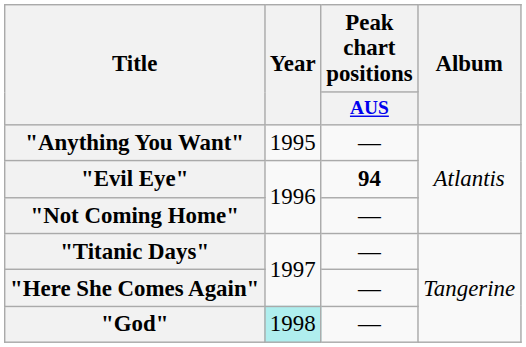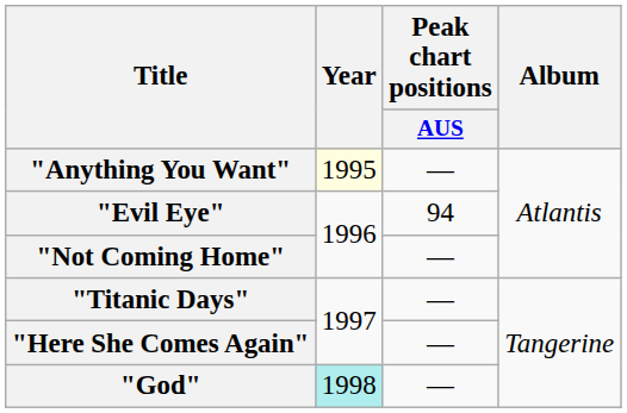 <table class="wikitable plainrowheaders" style="text-align:center">
 <tr>
 <th scope="col" rowspan="2">Title</th>
 <th scope="col" rowspan="2">Year</th>
 <th scope="col" colspan="1">Peak chart positions</th>
 <th scope="col" rowspan="2">Album</th>
 </tr>
 <tr>
 <th scope="col" style="width:3em; font-size:85%"><a href='#'>AUS</a><br></th>
 </tr>
 <tr>
 <th scope="row">"Anything You Want"</th>
-<td>1995</td>
+<td style="background: lightyellow;">1995</td>
 <td>—</td>
 <td rowspan="3"><em>Atlantis</em></td>
 </tr>
 <tr>
 <th scope="row">"Evil Eye"</th>
 <td rowspan="2">1996</td>
-<td><strong>94</strong></td>
+<td>94</td>
 </tr>
 <tr>
 <th scope="row">"Not Coming Home"</th>
 <td>—</td>
 </tr>
 <tr>
 <th scope="row">"Titanic Days"</th>
 <td rowspan="2">1997</td>
 <td>—</td>
 <td rowspan="3"><em>Tangerine</em></td>
 </tr>
 <tr>
 <th scope="row">"Here She Comes Again"</th>
 <td>—</td>
 </tr>
 <tr>
 <th scope="row">"God"</th>
 <td style="background: paleturquoise;">1998</td>
 <td>—</td>
 </tr>
 </table>
